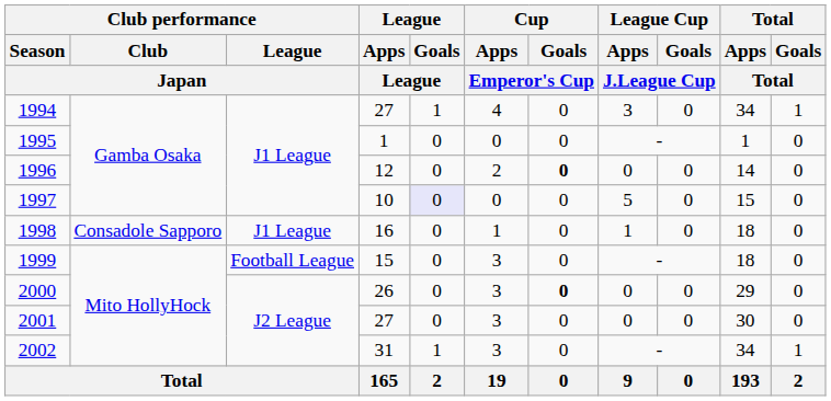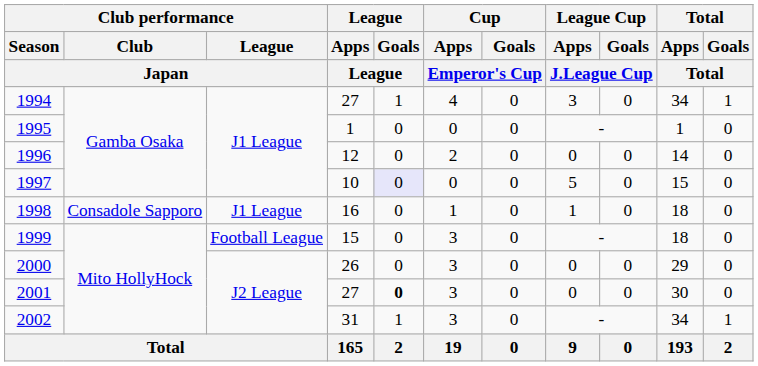 <table class="wikitable" style="text-align:center;">
 <tr>
 <th colspan=3>Club performance</th>
 <th colspan=2>League</th>
 <th colspan=2>Cup</th>
 <th colspan=2>League Cup</th>
 <th colspan=2>Total</th>
 </tr>
 <tr>
 <th>Season</th>
 <th>Club</th>
 <th>League</th>
 <th>Apps</th>
 <th>Goals</th>
 <th>Apps</th>
 <th>Goals</th>
 <th>Apps</th>
 <th>Goals</th>
 <th>Apps</th>
 <th>Goals</th>
 </tr>
 <tr>
 <th colspan=3>Japan</th>
 <th colspan=2>League</th>
 <th colspan=2><a href='#'>Emperor's Cup</a></th>
 <th colspan=2><a href='#'>J.League Cup</a></th>
 <th colspan=2>Total</th>
 </tr>
 <tr>
 <td><a href='#'>1994</a></td>
 <td rowspan="4"><a href='#'>Gamba Osaka</a></td>
 <td rowspan="4"><a href='#'>J1 League</a></td>
 <td>27</td>
 <td>1</td>
 <td>4</td>
 <td>0</td>
 <td>3</td>
 <td>0</td>
 <td>34</td>
 <td>1</td>
 </tr>
 <tr>
 <td><a href='#'>1995</a></td>
 <td>1</td>
 <td>0</td>
 <td>0</td>
 <td>0</td>
 <td colspan="2">-</td>
 <td>1</td>
 <td>0</td>
 </tr>
 <tr>
 <td><a href='#'>1996</a></td>
 <td>12</td>
 <td>0</td>
 <td>2</td>
-<td><strong>0</strong></td>
+<td>0</td>
 <td>0</td>
 <td>0</td>
 <td>14</td>
 <td>0</td>
 </tr>
 <tr>
 <td><a href='#'>1997</a></td>
 <td>10</td>
 <td style="background: lavender;">0</td>
 <td>0</td>
 <td>0</td>
 <td>5</td>
 <td>0</td>
 <td>15</td>
 <td>0</td>
 </tr>
 <tr>
 <td><a href='#'>1998</a></td>
 <td><a href='#'>Consadole Sapporo</a></td>
 <td><a href='#'>J1 League</a></td>
 <td>16</td>
 <td>0</td>
 <td>1</td>
 <td>0</td>
 <td>1</td>
 <td>0</td>
 <td>18</td>
 <td>0</td>
 </tr>
 <tr>
 <td><a href='#'>1999</a></td>
 <td rowspan="4"><a href='#'>Mito HollyHock</a></td>
 <td><a href='#'>Football League</a></td>
 <td>15</td>
 <td>0</td>
 <td>3</td>
 <td>0</td>
 <td colspan="2">-</td>
 <td>18</td>
 <td>0</td>
 </tr>
 <tr>
 <td><a href='#'>2000</a></td>
 <td rowspan="3"><a href='#'>J2 League</a></td>
 <td>26</td>
 <td>0</td>
 <td>3</td>
-<td><strong>0</strong></td>
+<td>0</td>
 <td>0</td>
 <td>0</td>
 <td>29</td>
 <td>0</td>
 </tr>
 <tr>
 <td><a href='#'>2001</a></td>
 <td>27</td>
-<td>0</td>
+<td><strong>0</strong></td>
 <td>3</td>
 <td>0</td>
 <td>0</td>
 <td>0</td>
 <td>30</td>
 <td>0</td>
 </tr>
 <tr>
 <td><a href='#'>2002</a></td>
 <td>31</td>
 <td>1</td>
 <td>3</td>
 <td>0</td>
 <td colspan="2">-</td>
 <td>34</td>
 <td>1</td>
 </tr>
 <tr>
 <th colspan=3>Total</th>
 <th>165</th>
 <th>2</th>
 <th>19</th>
 <th>0</th>
 <th>9</th>
 <th>0</th>
 <th>193</th>
 <th>2</th>
 </tr>
 </table>
